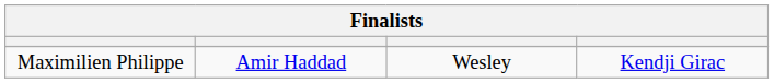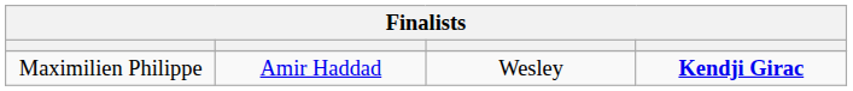 <table class="wikitable" text=align:center>
 <tr>
 <th colspan=4 style="width:95%;">Finalists</th>
 </tr>
 <tr>
 <th style="width:23%;" scope="col"></th>
 <th style="width:23%;" scope="col"></th>
 <th style="width:23%;" scope="col"></th>
 <th style="width:23%;" scope="col"></th>
 </tr>
 <tr>
 </tr>
 <tr align="center" valign="top">
 <td>Maximilien Philippe</td>
 <td><a href='#'>Amir Haddad</a></td>
 <td>Wesley</td>
-<td><a href='#'>Kendji Girac</a></td>
+<td><strong><a href='#'>Kendji Girac</a></strong></td>
 </tr>
 </table>
